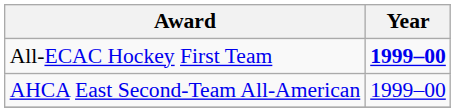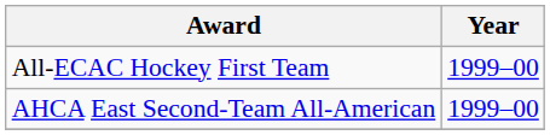 <table class="wikitable">
 <tr>
 <th>Award</th>
 <th>Year</th>
 </tr>
 <tr>
 <td>All-<a href='#'>ECAC Hockey</a> <a href='#'>First Team</a></td>
-<td><strong><a href='#'>1999–00</a></strong></td>
+<td><a href='#'>1999–00</a></td>
 </tr>
 <tr>
 <td><a href='#'>AHCA</a> <a href='#'>East Second-Team All-American</a></td>
 <td><a href='#'>1999–00</a></td>
 </tr>
 <tr>
 </tr>
 </table>
